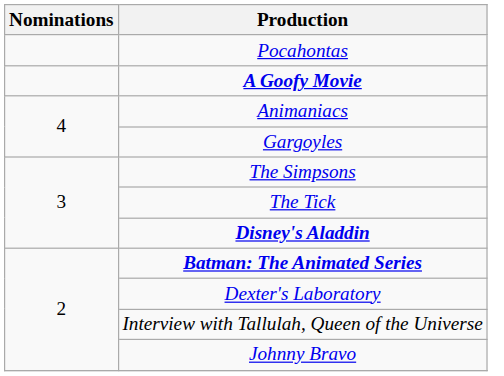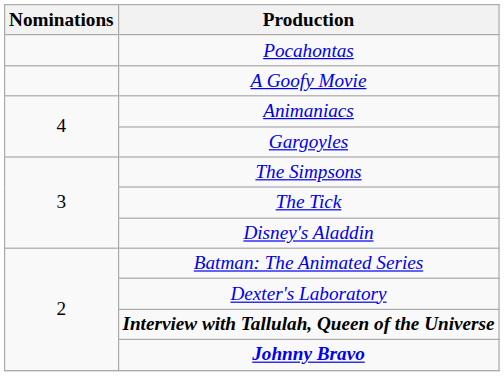 <table class="wikitable" rowspan="2" style="text-align:center;" background: #f6e39c;>
 <tr>
 <th scope="col" style="width:55px;">Nominations</th>
 <th scope="col" style="text-align:center;">Production</th>
 </tr>
 <tr>
 <td></td>
 <td><em><a href='#'>Pocahontas</a></em></td>
 </tr>
 <tr>
 <td></td>
-<td><strong><em><a href='#'>A Goofy Movie</a></em></strong></td>
+<td><em><a href='#'>A Goofy Movie</a></em></td>
 </tr>
 <tr>
 <td rowspan=2 style="text-align:center">4</td>
 <td><em><a href='#'>Animaniacs</a></em></td>
 </tr>
 <tr>
 <td><em><a href='#'>Gargoyles</a></em></td>
 </tr>
 <tr>
 <td rowspan=3 style="text-align:center">3</td>
 <td><em><a href='#'>The Simpsons</a></em></td>
 </tr>
 <tr>
 <td><em><a href='#'>The Tick</a></em></td>
 </tr>
 <tr>
-<td><strong><em><a href='#'>Disney's Aladdin</a></em></strong></td>
+<td><em><a href='#'>Disney's Aladdin</a></em></td>
 </tr>
 <tr>
 <td rowspan=4 style="text-align:center">2</td>
-<td><strong><em><a href='#'>Batman: The Animated Series</a></em></strong></td>
+<td><em><a href='#'>Batman: The Animated Series</a></em></td>
 </tr>
 <tr>
 <td><em><a href='#'>Dexter's Laboratory</a></em></td>
 </tr>
 <tr>
-<td><em>Interview with Tallulah, Queen of the Universe</em></td>
+<td><strong><em>Interview with Tallulah, Queen of the Universe</em></strong></td>
 </tr>
 <tr>
-<td><em><a href='#'>Johnny Bravo</a></em></td>
+<td><strong><em><a href='#'>Johnny Bravo</a></em></strong></td>
 </tr>
 <tr>
 </tr>
 </table>
